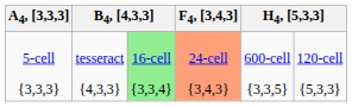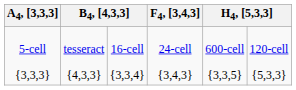 <table class=wikitable>
 <tr>
 <th>A<sub>4</sub>, [3,3,3]</th>
 <th colspan=2>B<sub>4</sub>, [4,3,3]</th>
 <th>F<sub>4</sub>, [3,4,3]</th>
 <th colspan=2>H<sub>4</sub>, [5,3,3]</th>
 </tr>
 <tr align=center>
 <td><br><a href='#'>5-cell</a><br><br>{3,3,3}</td>
 <td><br><a href='#'>tesseract</a><br><br>{4,3,3}</td>
-<td style="background: lightgreen;"><br><a href='#'>16-cell</a><br><br>{3,3,4}</td>
-<td style="background: lightsalmon;"><br><a href='#'>24-cell</a><br><br>{3,4,3}</td>
+<td><br><a href='#'>16-cell</a><br><br>{3,3,4}</td>
+<td><br><a href='#'>24-cell</a><br><br>{3,4,3}</td>
 <td><br><a href='#'>600-cell</a><br><br>{3,3,5}</td>
 <td><br><a href='#'>120-cell</a><br><br>{5,3,3}</td>
 </tr>
 </table>
